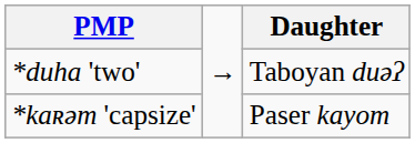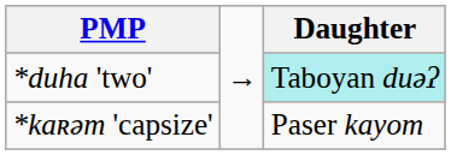 <table class="wikitable">
 <tr>
 <th><a href='#'>PMP</a></th>
 <td rowspan="3">→</td>
 <th>Daughter</th>
 </tr>
 <tr>
 <td><em>*duha</em> 'two'</td>
-<td>Taboyan <em>duəʔ</em></td>
+<td style="background: paleturquoise;">Taboyan <em>duəʔ</em></td>
 </tr>
 <tr>
 <td><em>*kaʀəm</em> 'capsize'</td>
 <td>Paser <em>kayom</em></td>
 </tr>
 </table>
